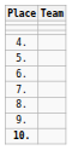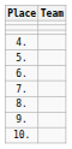 <table class="wikitable">
 <tr>
 <th>Place</th>
 <th>Team</th>
 </tr>
 <tr>
 <td align="center"></td>
 <td></td>
 </tr>
 <tr>
 <td align="center"></td>
 <td></td>
 </tr>
 <tr>
 <td align="center"></td>
 <td></td>
 </tr>
 <tr>
 <td align="center">4.</td>
 <td></td>
 </tr>
 <tr>
 <td align="center">5.</td>
 <td></td>
 </tr>
 <tr>
 <td align="center">6.</td>
 <td></td>
 </tr>
 <tr>
 <td align="center">7.</td>
 <td></td>
 </tr>
 <tr>
 <td align="center">8.</td>
 <td></td>
 </tr>
 <tr>
 <td align="center">9.</td>
 <td></td>
 </tr>
 <tr>
-<td align="center"><strong>10.</strong></td>
+<td align="center">10.</td>
 <td></td>
 </tr>
 </table>
